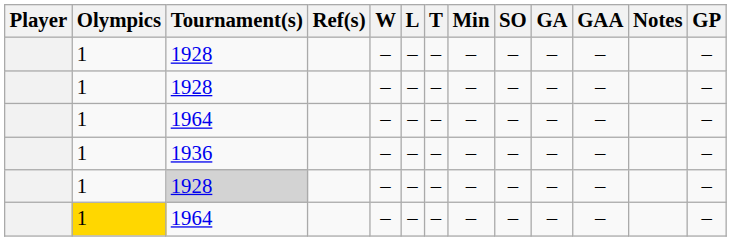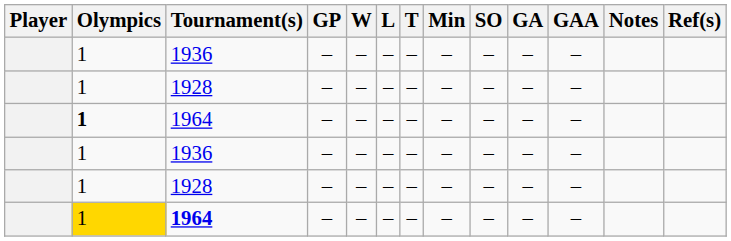 <table class="wikitable sortable plainrowheaders" style="text-align:center;">
 <tr>
 <th scope="col">Player</th>
 <th scope="col">Olympics</th>
 <th scope="col">Tournament(s)</th>
-<th scope="col" class="unsortable">Ref(s)</th>
+<th scope="col">GP</th>
 <th scope="col">W</th>
 <th scope="col">L</th>
 <th scope="col">T</th>
 <th scope="col">Min</th>
 <th scope="col">SO</th>
 <th scope="col">GA</th>
 <th scope="col">GAA</th>
 <th scope="col">Notes</th>
-<th scope="col">GP</th>
+<th scope="col" class="unsortable">Ref(s)</th>
 </tr>
 <tr>
 <th scope="row"></th>
 <td align=left>1</td>
-<td align=left><a href='#'>1928</a></td>
-<td></td>
+<td align=left><a href='#'>1936</a></td>
+<td>–</td>
 <td>–</td>
 <td>–</td>
 <td>–</td>
 <td>–</td>
 <td>–</td>
 <td>–</td>
 <td>–</td>
 <td></td>
-<td>–</td>
+<td></td>
 </tr>
 <tr>
 <th scope="row"></th>
 <td align=left>1</td>
 <td align=left><a href='#'>1928</a></td>
-<td></td>
+<td>–</td>
 <td>–</td>
 <td>–</td>
 <td>–</td>
 <td>–</td>
 <td>–</td>
 <td>–</td>
 <td>–</td>
 <td></td>
-<td>–</td>
+<td></td>
 </tr>
 <tr>
 <th scope="row"></th>
-<td align=left>1</td>
+<td align=left><strong>1</strong></td>
 <td align=left><a href='#'>1964</a></td>
-<td></td>
+<td>–</td>
 <td>–</td>
 <td>–</td>
 <td>–</td>
 <td>–</td>
 <td>–</td>
 <td>–</td>
 <td>–</td>
 <td></td>
-<td>–</td>
+<td></td>
 </tr>
 <tr>
 <th scope="row"></th>
 <td align=left>1</td>
 <td align=left><a href='#'>1936</a></td>
-<td></td>
+<td>–</td>
 <td>–</td>
 <td>–</td>
 <td>–</td>
 <td>–</td>
 <td>–</td>
 <td>–</td>
 <td>–</td>
 <td></td>
-<td>–</td>
+<td></td>
 </tr>
 <tr>
 <th scope="row"></th>
 <td align=left>1</td>
-<td align=left style="background: lightgrey;"><a href='#'>1928</a></td>
-<td></td>
+<td align=left><a href='#'>1928</a></td>
+<td>–</td>
 <td>–</td>
 <td>–</td>
 <td>–</td>
 <td>–</td>
 <td>–</td>
 <td>–</td>
 <td>–</td>
 <td></td>
-<td>–</td>
+<td></td>
 </tr>
 <tr>
 <th scope="row"></th>
 <td align=left style="background: gold;">1</td>
-<td align=left><a href='#'>1964</a></td>
-<td></td>
+<td align=left><strong><a href='#'>1964</a></strong></td>
+<td>–</td>
 <td>–</td>
 <td>–</td>
 <td>–</td>
 <td>–</td>
 <td>–</td>
 <td>–</td>
 <td>–</td>
 <td></td>
-<td>–</td>
+<td></td>
 </tr>
 </table>
